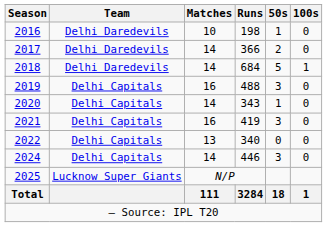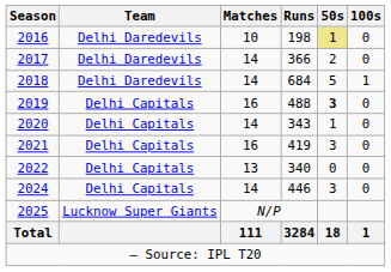 <table class="wikitable" style="font-size:90%; float:right; clear:right; text-align:center; margin-right:15px">
 <tr>
 <th>Season</th>
 <th>Team</th>
 <th>Matches</th>
 <th>Runs</th>
 <th>50s</th>
 <th>100s</th>
 </tr>
 <tr>
 <td><a href='#'>2016</a></td>
 <td><a href='#'>Delhi Daredevils</a></td>
 <td>10</td>
 <td>198</td>
-<td>1</td>
+<td style="background: khaki;">1</td>
 <td>0</td>
 </tr>
 <tr>
 <td><a href='#'>2017</a></td>
 <td><a href='#'>Delhi Daredevils</a></td>
 <td>14</td>
 <td>366</td>
 <td>2</td>
 <td>0</td>
 </tr>
 <tr>
 <td><a href='#'>2018</a></td>
 <td><a href='#'>Delhi Daredevils</a></td>
 <td>14</td>
 <td>684</td>
 <td>5</td>
 <td>1</td>
 </tr>
 <tr>
 <td><a href='#'>2019</a></td>
 <td><a href='#'>Delhi Capitals</a></td>
 <td>16</td>
 <td>488</td>
-<td>3</td>
+<td><strong>3</strong></td>
 <td>0</td>
 </tr>
 <tr>
 <td><a href='#'>2020</a></td>
 <td><a href='#'>Delhi Capitals</a></td>
 <td>14</td>
 <td>343</td>
 <td>1</td>
 <td>0</td>
 </tr>
 <tr>
 <td><a href='#'>2021</a></td>
 <td><a href='#'>Delhi Capitals</a></td>
 <td>16</td>
 <td>419</td>
 <td>3</td>
 <td>0</td>
 </tr>
 <tr>
 <td><a href='#'>2022</a></td>
 <td><a href='#'>Delhi Capitals</a></td>
 <td>13</td>
 <td>340</td>
 <td>0</td>
 <td>0</td>
 </tr>
 <tr>
 <td><a href='#'>2024</a></td>
 <td><a href='#'>Delhi Capitals</a></td>
 <td>14</td>
 <td>446</td>
 <td>3</td>
 <td>0</td>
 </tr>
 <tr>
 <td><a href='#'>2025</a></td>
 <td><a href='#'>Lucknow Super Giants</a></td>
 <td colspan="2"><em>N/P</em></td>
 <td></td>
 <td></td>
 </tr>
 <tr>
 <th>Total</th>
 <th></th>
 <th>111</th>
 <th>3284</th>
 <th>18</th>
 <th>1</th>
 </tr>
 <tr>
 <td colspan="6" ;> – Source: IPL T20</td>
 </tr>
 </table>
